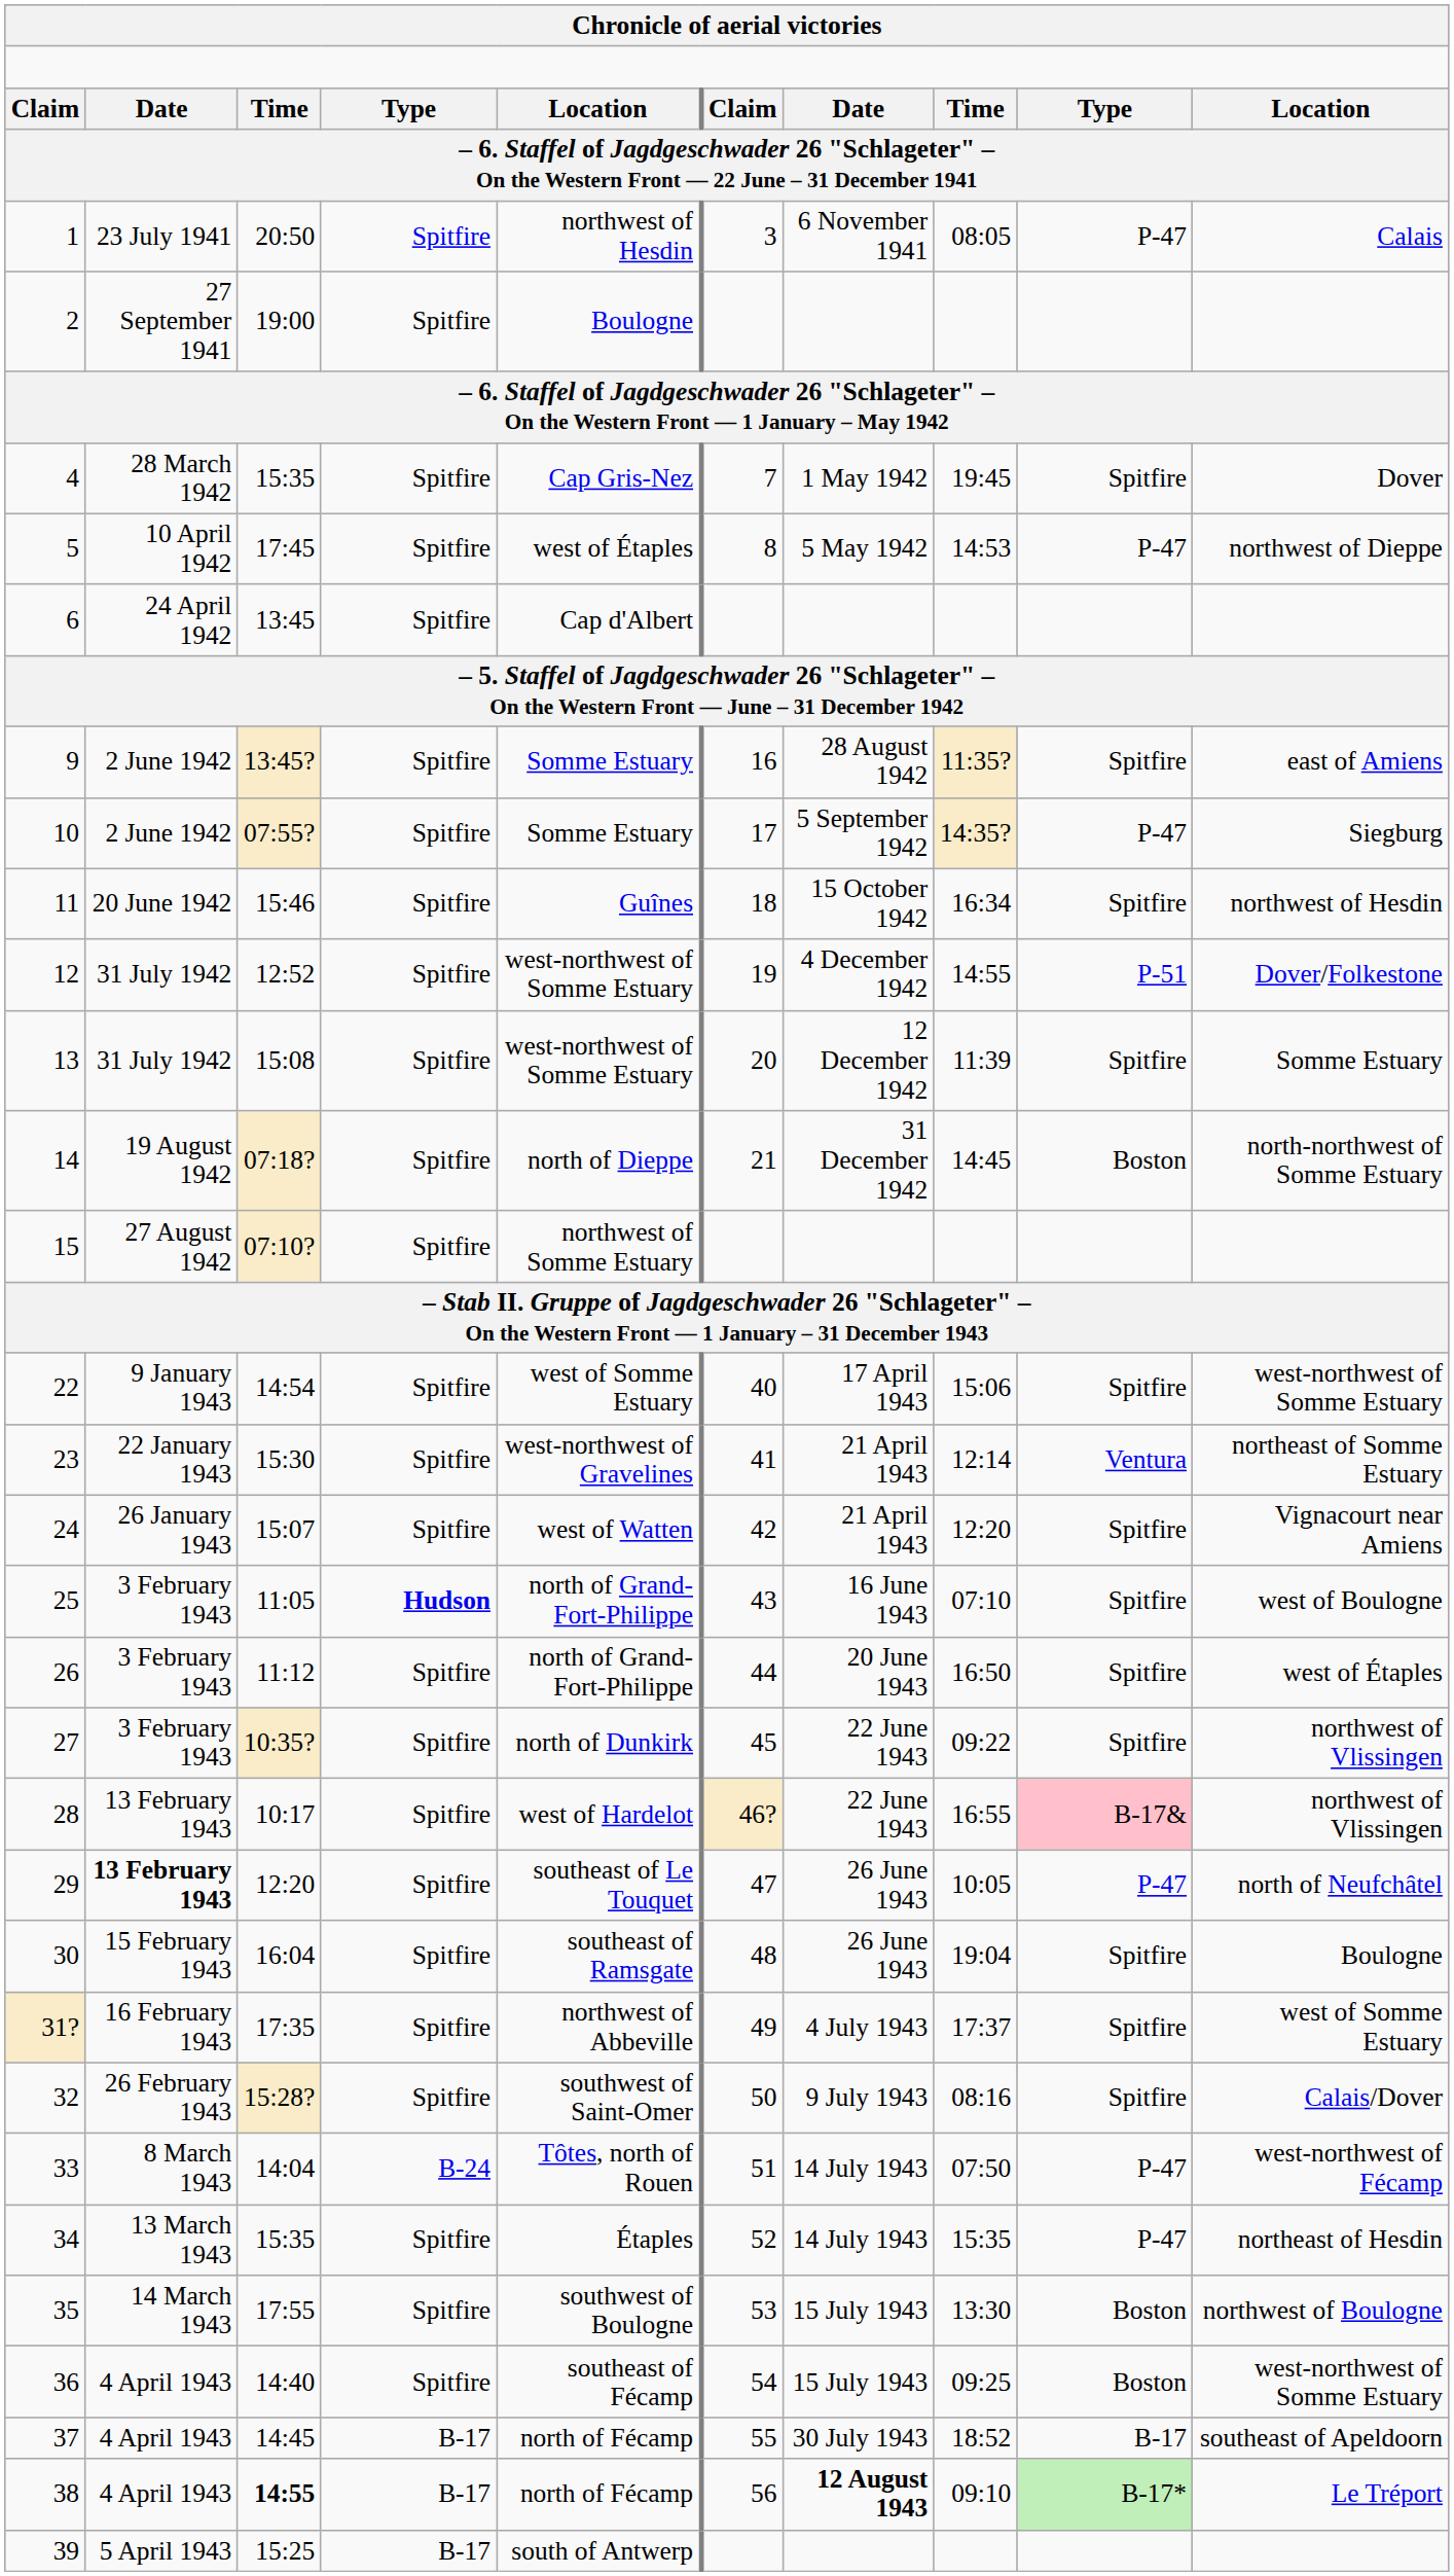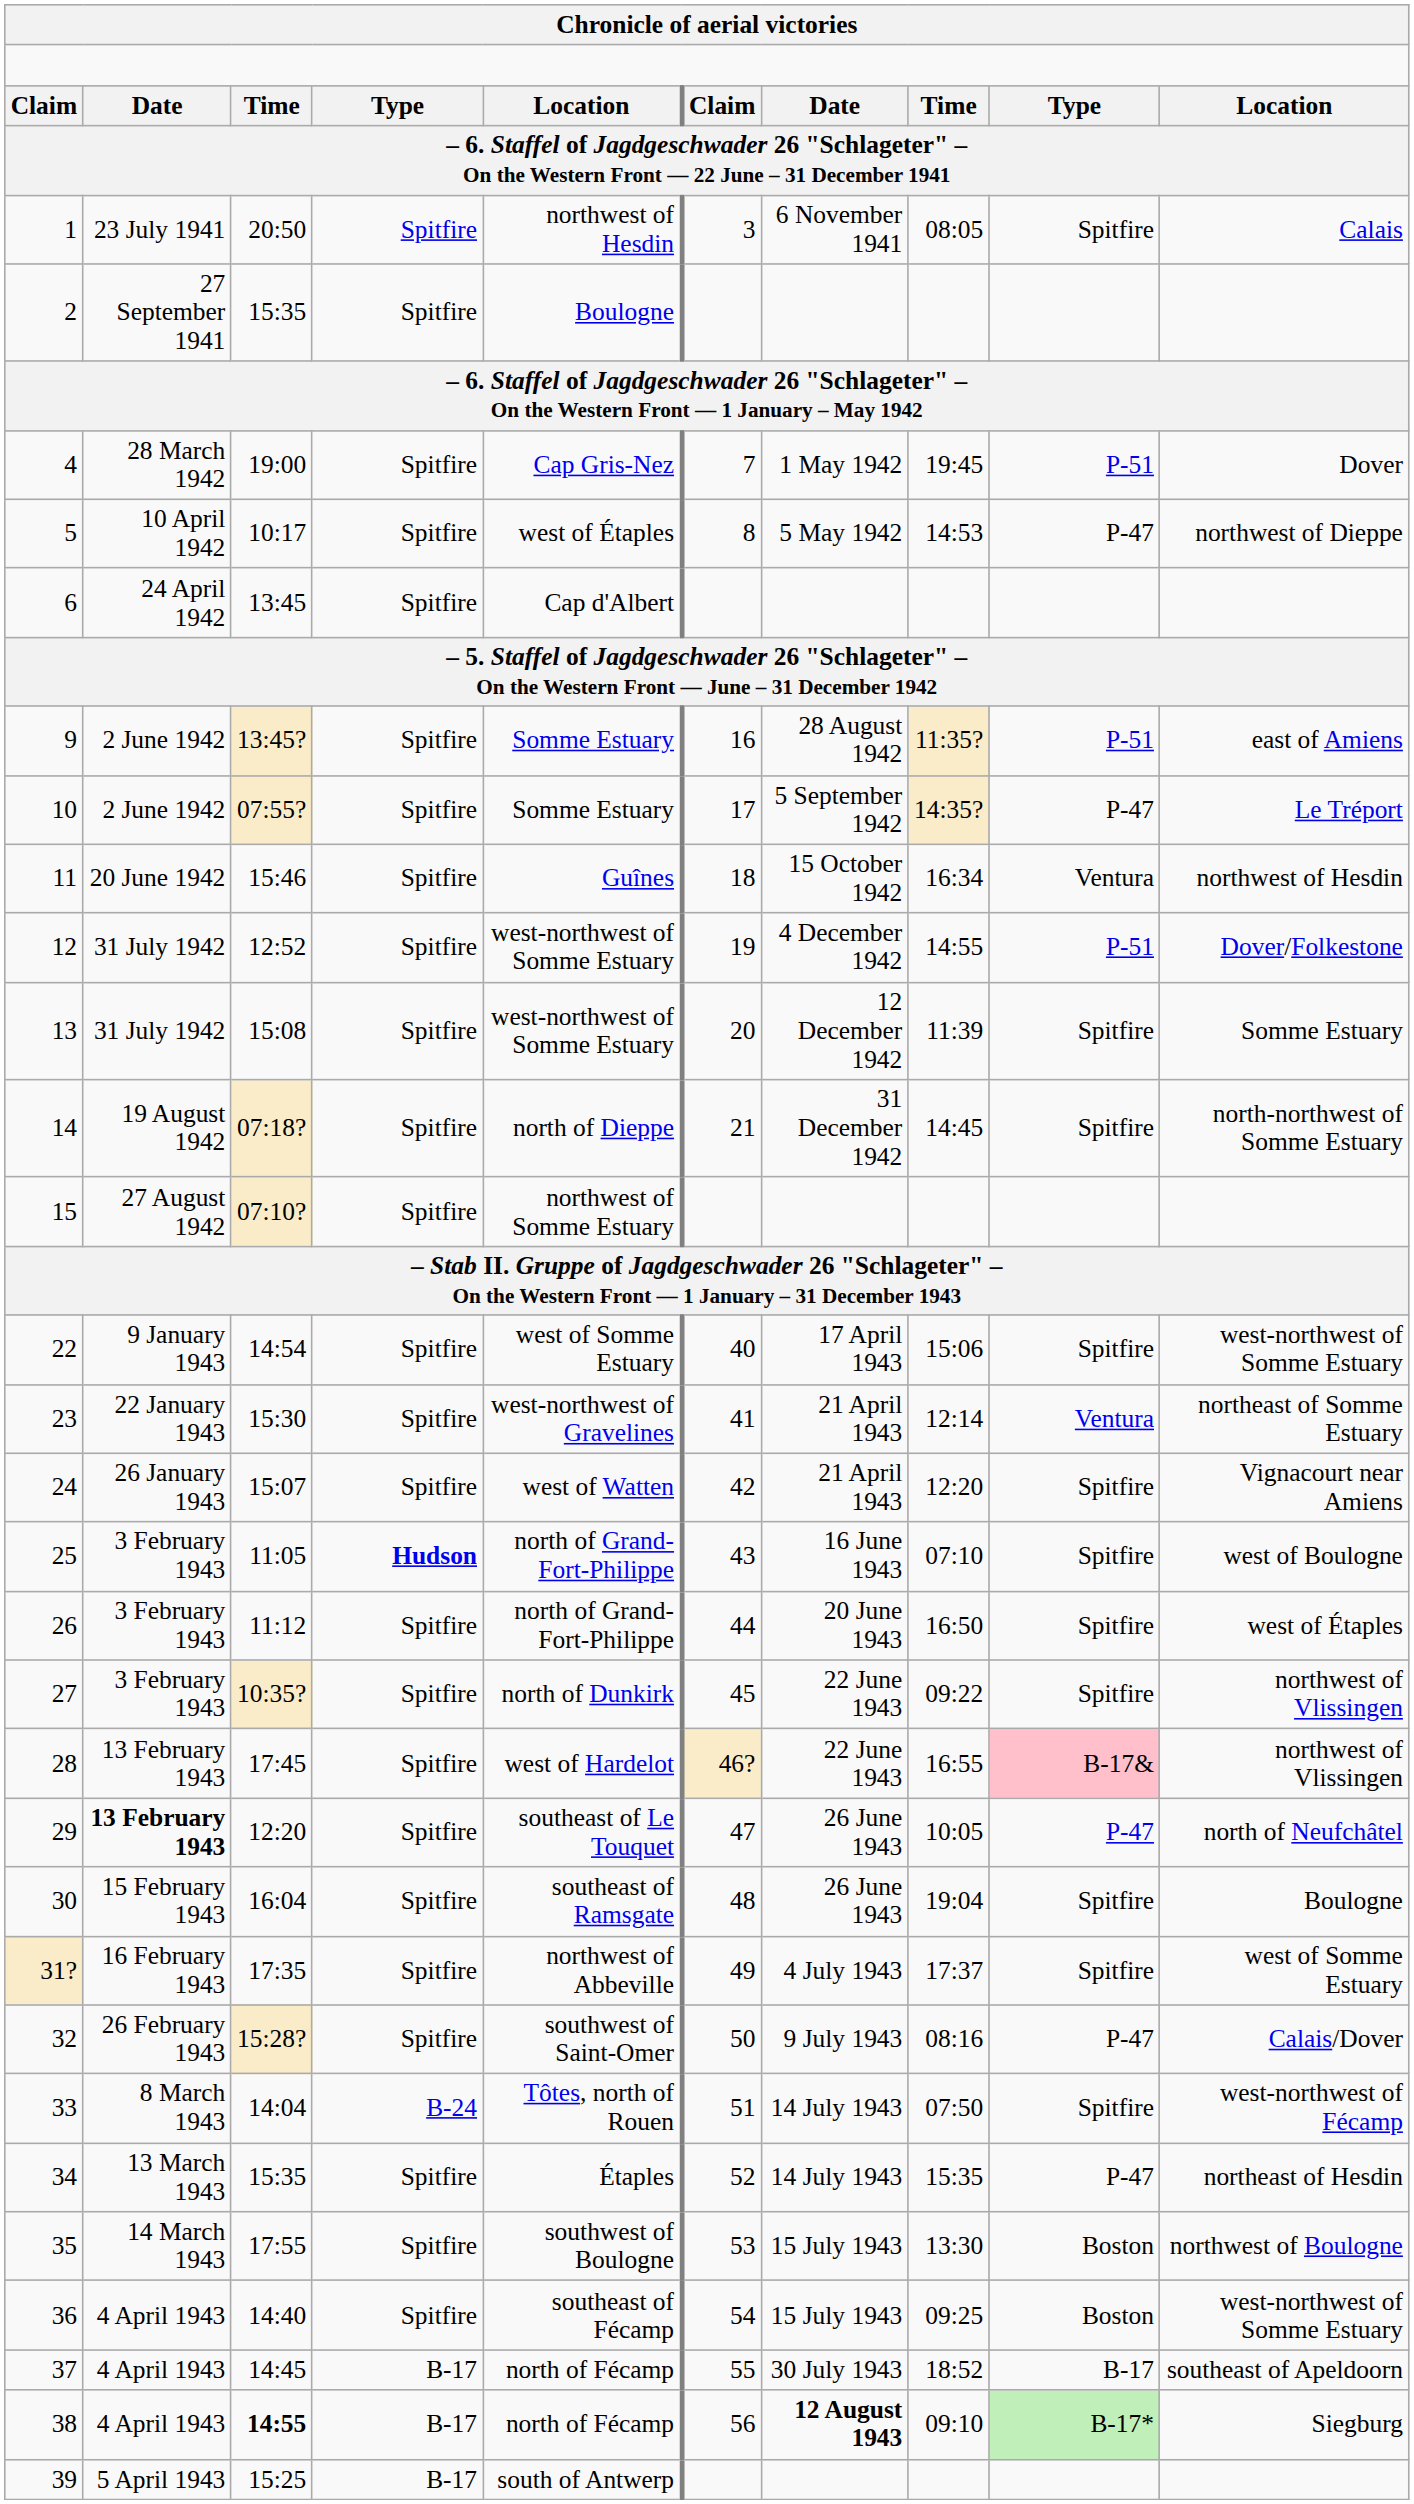 <table class="wikitable plainrowheaders collapsible" style="margin-left: auto; margin-right: auto; border: none; text-align:right; width: 100%;">
 <tr>
 <th colspan="10">Chronicle of aerial victories</th>
 </tr>
 <tr>
 <td colspan="10" style="text-align: left;"><br>  </td>
 </tr>
 <tr>
 <th scope="col">Claim</th>
 <th scope="col">Date</th>
 <th scope="col">Time</th>
 <th scope="col" width="100px">Type</th>
 <th scope="col">Location</th>
 <th scope="col" style="border-left: 3px solid grey;">Claim</th>
 <th scope="col">Date</th>
 <th scope="col">Time</th>
 <th scope="col" width="100px">Type</th>
 <th scope="col">Location</th>
 </tr>
 <tr>
 <th colspan="10">– 6. <em>Staffel</em> of <em>Jagdgeschwader</em> 26 "Schlageter" –<br><small>On the Western Front — 22 June – 31 December 1941</small></th>
 </tr>
 <tr>
 <td>1</td>
 <td>23 July 1941</td>
 <td>20:50</td>
 <td><a href='#'>Spitfire</a></td>
 <td>northwest of <a href='#'>Hesdin</a></td>
 <td style="border-left: 3px solid grey;">3</td>
 <td>6 November 1941</td>
 <td>08:05</td>
-<td>P-47</td>
+<td>Spitfire</td>
 <td><a href='#'>Calais</a></td>
 </tr>
 <tr>
 <td>2</td>
 <td>27 September 1941</td>
-<td>19:00</td>
+<td>15:35</td>
 <td>Spitfire</td>
 <td><a href='#'>Boulogne</a></td>
 <td style="border-left: 3px solid grey;"></td>
 <td></td>
 <td></td>
 <td></td>
 <td></td>
 </tr>
 <tr>
 <th colspan="10">– 6. <em>Staffel</em> of <em>Jagdgeschwader</em> 26 "Schlageter" –<br><small>On the Western Front — 1 January – May 1942</small></th>
 </tr>
 <tr>
 <td>4</td>
 <td>28 March 1942</td>
-<td>15:35</td>
+<td>19:00</td>
 <td>Spitfire</td>
 <td><a href='#'>Cap Gris-Nez</a></td>
 <td style="border-left: 3px solid grey;">7</td>
 <td>1 May 1942</td>
 <td>19:45</td>
-<td>Spitfire</td>
+<td><a href='#'>P-51</a></td>
 <td>Dover</td>
 </tr>
 <tr>
 <td>5</td>
 <td>10 April 1942</td>
-<td>17:45</td>
+<td>10:17</td>
 <td>Spitfire</td>
 <td> west of Étaples</td>
 <td style="border-left: 3px solid grey;">8</td>
 <td>5 May 1942</td>
 <td>14:53</td>
 <td>P-47</td>
 <td> northwest of Dieppe</td>
 </tr>
 <tr>
 <td>6</td>
 <td>24 April 1942</td>
 <td>13:45</td>
 <td>Spitfire</td>
 <td>Cap d'Albert</td>
 <td style="border-left: 3px solid grey;"></td>
 <td></td>
 <td></td>
 <td></td>
 <td></td>
 </tr>
 <tr>
 <th colspan="10">– 5. <em>Staffel</em> of <em>Jagdgeschwader</em> 26 "Schlageter" –<br><small>On the Western Front — June – 31 December 1942</small></th>
 </tr>
 <tr>
 <td>9</td>
 <td>2 June 1942</td>
 <td style="background:#faecc8">13:45?</td>
 <td>Spitfire</td>
 <td><a href='#'>Somme Estuary</a></td>
 <td style="border-left: 3px solid grey;">16</td>
 <td>28 August 1942</td>
 <td style="background:#faecc8">11:35?</td>
-<td>Spitfire</td>
+<td><a href='#'>P-51</a></td>
 <td>east of <a href='#'>Amiens</a></td>
 </tr>
 <tr>
 <td>10</td>
 <td>2 June 1942</td>
 <td style="background:#faecc8">07:55?</td>
 <td>Spitfire</td>
 <td>Somme Estuary</td>
 <td style="border-left: 3px solid grey;">17</td>
 <td>5 September 1942</td>
 <td style="background:#faecc8">14:35?</td>
 <td>P-47</td>
-<td>Siegburg</td>
+<td><a href='#'>Le Tréport</a></td>
 </tr>
 <tr>
 <td>11</td>
 <td>20 June 1942</td>
 <td>15:46</td>
 <td>Spitfire</td>
 <td><a href='#'>Guînes</a></td>
 <td style="border-left: 3px solid grey;">18</td>
 <td>15 October 1942</td>
 <td>16:34</td>
-<td>Spitfire</td>
+<td>Ventura</td>
 <td>northwest of Hesdin</td>
 </tr>
 <tr>
 <td>12</td>
 <td>31 July 1942</td>
 <td>12:52</td>
 <td>Spitfire</td>
 <td>west-northwest of Somme Estuary</td>
 <td style="border-left: 3px solid grey;">19</td>
 <td>4 December 1942</td>
 <td>14:55</td>
 <td><a href='#'>P-51</a></td>
 <td><a href='#'>Dover</a>/<a href='#'>Folkestone</a></td>
 </tr>
 <tr>
 <td>13</td>
 <td>31 July 1942</td>
 <td>15:08</td>
 <td>Spitfire</td>
 <td>west-northwest of Somme Estuary</td>
 <td style="border-left: 3px solid grey;">20</td>
 <td>12 December 1942</td>
 <td>11:39</td>
 <td>Spitfire</td>
 <td>Somme Estuary</td>
 </tr>
 <tr>
 <td>14</td>
 <td>19 August 1942</td>
 <td style="background:#faecc8">07:18?</td>
 <td>Spitfire</td>
 <td>north of <a href='#'>Dieppe</a></td>
 <td style="border-left: 3px solid grey;">21</td>
 <td>31 December 1942</td>
 <td>14:45</td>
-<td>Boston</td>
+<td>Spitfire</td>
 <td>north-northwest of Somme Estuary</td>
 </tr>
 <tr>
 <td>15</td>
 <td>27 August 1942</td>
 <td style="background:#faecc8">07:10?</td>
 <td>Spitfire</td>
 <td>northwest of Somme Estuary</td>
 <td style="border-left: 3px solid grey;"></td>
 <td></td>
 <td></td>
 <td></td>
 <td></td>
 </tr>
 <tr>
 <th colspan="10">– <em>Stab</em> II. <em>Gruppe</em> of <em>Jagdgeschwader</em> 26 "Schlageter" –<br><small>On the Western Front — 1 January – 31 December 1943</small></th>
 </tr>
 <tr>
 <td>22</td>
 <td>9 January 1943</td>
 <td>14:54</td>
 <td>Spitfire</td>
 <td>west of Somme Estuary</td>
 <td style="border-left: 3px solid grey;">40</td>
 <td>17 April 1943</td>
 <td>15:06</td>
 <td>Spitfire</td>
 <td> west-northwest of Somme Estuary</td>
 </tr>
 <tr>
 <td>23</td>
 <td>22 January 1943</td>
 <td>15:30</td>
 <td>Spitfire</td>
 <td>west-northwest of <a href='#'>Gravelines</a></td>
 <td style="border-left: 3px solid grey;">41</td>
 <td>21 April 1943</td>
 <td>12:14</td>
 <td><a href='#'>Ventura</a></td>
 <td>northeast of Somme Estuary</td>
 </tr>
 <tr>
 <td>24</td>
 <td>26 January 1943</td>
 <td>15:07</td>
 <td>Spitfire</td>
 <td> west of <a href='#'>Watten</a></td>
 <td style="border-left: 3px solid grey;">42</td>
 <td>21 April 1943</td>
 <td>12:20</td>
 <td>Spitfire</td>
 <td>Vignacourt near Amiens</td>
 </tr>
 <tr>
 <td>25</td>
 <td>3 February 1943</td>
 <td>11:05</td>
 <td><strong><a href='#'>Hudson</a></strong></td>
 <td> north of <a href='#'>Grand-Fort-Philippe</a></td>
 <td style="border-left: 3px solid grey;">43</td>
 <td>16 June 1943</td>
 <td>07:10</td>
 <td>Spitfire</td>
 <td> west of Boulogne</td>
 </tr>
 <tr>
 <td>26</td>
 <td>3 February 1943</td>
 <td>11:12</td>
 <td>Spitfire</td>
 <td> north of Grand-Fort-Philippe</td>
 <td style="border-left: 3px solid grey;">44</td>
 <td>20 June 1943</td>
 <td>16:50</td>
 <td>Spitfire</td>
 <td> west of Étaples</td>
 </tr>
 <tr>
 <td>27</td>
 <td>3 February 1943</td>
 <td style="background:#faecc8">10:35?</td>
 <td>Spitfire</td>
 <td> north of <a href='#'>Dunkirk</a></td>
 <td style="border-left: 3px solid grey;">45</td>
 <td>22 June 1943</td>
 <td>09:22</td>
 <td>Spitfire</td>
 <td> northwest of <a href='#'>Vlissingen</a></td>
 </tr>
 <tr>
 <td>28</td>
 <td>13 February 1943</td>
-<td>10:17</td>
+<td>17:45</td>
 <td>Spitfire</td>
 <td> west of <a href='#'>Hardelot</a></td>
 <td style="border-left: 3px solid grey; background:#faecc8">46?</td>
 <td>22 June 1943</td>
 <td>16:55</td>
 <td style="background:pink;">B-17&</td>
 <td> northwest of Vlissingen</td>
 </tr>
 <tr>
 <td>29</td>
 <td><strong>13 February 1943</strong></td>
 <td>12:20</td>
 <td>Spitfire</td>
 <td>southeast of <a href='#'>Le Touquet</a></td>
 <td style="border-left: 3px solid grey;">47</td>
 <td>26 June 1943</td>
 <td>10:05</td>
 <td><a href='#'>P-47</a></td>
 <td>north of <a href='#'>Neufchâtel</a></td>
 </tr>
 <tr>
 <td>30</td>
 <td>15 February 1943</td>
 <td>16:04</td>
 <td>Spitfire</td>
 <td> southeast of <a href='#'>Ramsgate</a></td>
 <td style="border-left: 3px solid grey;">48</td>
 <td>26 June 1943</td>
 <td>19:04</td>
 <td>Spitfire</td>
 <td>Boulogne</td>
 </tr>
 <tr>
 <td style="background:#faecc8">31?</td>
 <td>16 February 1943</td>
 <td>17:35</td>
 <td>Spitfire</td>
 <td> northwest of Abbeville</td>
 <td style="border-left: 3px solid grey;">49</td>
 <td>4 July 1943</td>
 <td>17:37</td>
 <td>Spitfire</td>
 <td> west of Somme Estuary</td>
 </tr>
 <tr>
 <td>32</td>
 <td>26 February 1943</td>
 <td style="background:#faecc8">15:28?</td>
 <td>Spitfire</td>
 <td> southwest of Saint-Omer</td>
 <td style="border-left: 3px solid grey;">50</td>
 <td>9 July 1943</td>
 <td>08:16</td>
-<td>Spitfire</td>
+<td>P-47</td>
 <td><a href='#'>Calais</a>/Dover</td>
 </tr>
 <tr>
 <td>33</td>
 <td>8 March 1943</td>
 <td>14:04</td>
 <td><a href='#'>B-24</a></td>
 <td><a href='#'>Tôtes</a>,  north of Rouen</td>
 <td style="border-left: 3px solid grey;">51</td>
 <td>14 July 1943</td>
 <td>07:50</td>
-<td>P-47</td>
+<td>Spitfire</td>
 <td>west-northwest of <a href='#'>Fécamp</a></td>
 </tr>
 <tr>
 <td>34</td>
 <td>13 March 1943</td>
 <td>15:35</td>
 <td>Spitfire</td>
 <td>Étaples</td>
 <td style="border-left: 3px solid grey;">52</td>
 <td>14 July 1943</td>
 <td>15:35</td>
 <td>P-47</td>
 <td>northeast of Hesdin</td>
 </tr>
 <tr>
 <td>35</td>
 <td>14 March 1943</td>
 <td>17:55</td>
 <td>Spitfire</td>
 <td> southwest of Boulogne</td>
 <td style="border-left: 3px solid grey;">53</td>
 <td>15 July 1943</td>
 <td>13:30</td>
 <td>Boston</td>
 <td>northwest of <a href='#'>Boulogne</a></td>
 </tr>
 <tr>
 <td>36</td>
 <td>4 April 1943</td>
 <td>14:40</td>
 <td>Spitfire</td>
 <td>southeast of Fécamp</td>
 <td style="border-left: 3px solid grey;">54</td>
 <td>15 July 1943</td>
 <td>09:25</td>
 <td>Boston</td>
 <td> west-northwest of Somme Estuary</td>
 </tr>
 <tr>
 <td>37</td>
 <td>4 April 1943</td>
 <td>14:45</td>
 <td>B-17</td>
 <td> north of Fécamp</td>
 <td style="border-left: 3px solid grey;">55</td>
 <td>30 July 1943</td>
 <td>18:52</td>
 <td>B-17</td>
 <td> southeast of Apeldoorn</td>
 </tr>
 <tr>
 <td>38</td>
 <td>4 April 1943</td>
 <td><strong>14:55</strong></td>
 <td>B-17</td>
 <td> north of Fécamp</td>
 <td style="border-left: 3px solid grey;">56</td>
 <td><strong>12 August 1943</strong></td>
 <td>09:10</td>
 <td style="background:#C0EFBA">B-17*</td>
-<td><a href='#'>Le Tréport</a></td>
+<td>Siegburg</td>
 </tr>
 <tr>
 <td>39</td>
 <td>5 April 1943</td>
 <td>15:25</td>
 <td>B-17</td>
 <td>south of Antwerp</td>
 <td style="border-left: 3px solid grey;"></td>
 <td></td>
 <td></td>
 <td></td>
 <td></td>
 </tr>
 </table>
